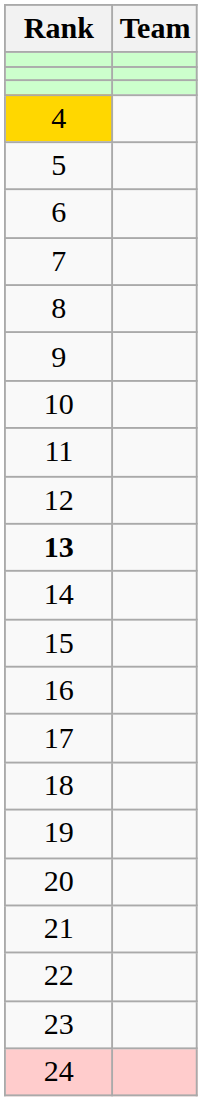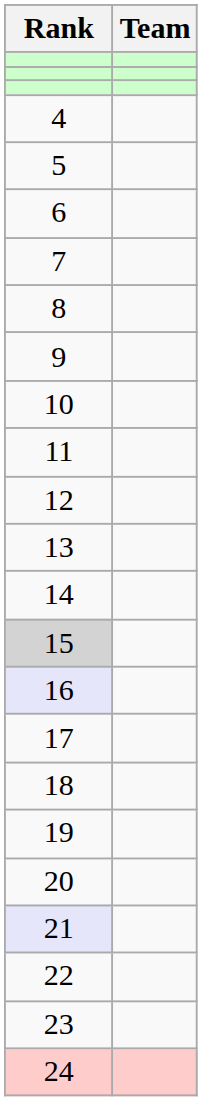 <table class="wikitable" style="text-align: center">
 <tr>
 <th width=50>Rank</th>
 <th>Team</th>
 </tr>
 <tr bgcolor=#ccffcc>
 <td></td>
 <td align=left></td>
 </tr>
 <tr bgcolor=#ccffcc>
 <td></td>
 <td align=left></td>
 </tr>
 <tr bgcolor=#ccffcc>
 <td></td>
 <td align=left></td>
 </tr>
 <tr>
-<td style="background: gold;">4</td>
+<td>4</td>
 <td align=left></td>
 </tr>
 <tr>
 <td>5</td>
 <td align=left></td>
 </tr>
 <tr>
 <td>6</td>
 <td align=left></td>
 </tr>
 <tr>
 <td>7</td>
 <td align=left></td>
 </tr>
 <tr>
 <td>8</td>
 <td align=left></td>
 </tr>
 <tr>
 <td>9</td>
 <td align=left></td>
 </tr>
 <tr>
 <td>10</td>
 <td align=left></td>
 </tr>
 <tr>
 <td>11</td>
 <td align=left></td>
 </tr>
 <tr>
 <td>12</td>
 <td align=left></td>
 </tr>
 <tr>
-<td><strong>13</strong></td>
+<td>13</td>
 <td align=left></td>
 </tr>
 <tr>
 <td>14</td>
 <td align=left></td>
 </tr>
 <tr>
-<td>15</td>
+<td style="background: lightgrey;">15</td>
 <td align=left></td>
 </tr>
 <tr>
-<td>16</td>
+<td style="background: lavender;">16</td>
 <td align=left></td>
 </tr>
 <tr>
 <td>17</td>
 <td align=left></td>
 </tr>
 <tr>
 <td>18</td>
 <td align=left></td>
 </tr>
 <tr>
 <td>19</td>
 <td align=left></td>
 </tr>
 <tr>
 <td>20</td>
 <td align=left></td>
 </tr>
 <tr>
-<td>21</td>
+<td style="background: lavender;">21</td>
 <td align=left></td>
 </tr>
 <tr>
 <td>22</td>
 <td align=left></td>
 </tr>
 <tr>
 <td>23</td>
 <td align=left></td>
 </tr>
 <tr bgcolor=#ffcccc>
 <td>24</td>
 <td align=left></td>
 </tr>
 </table>
